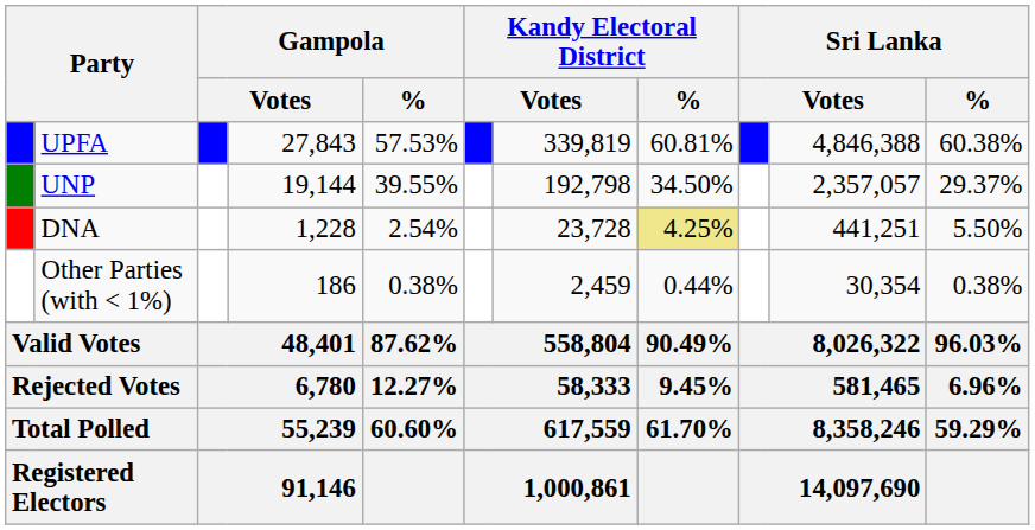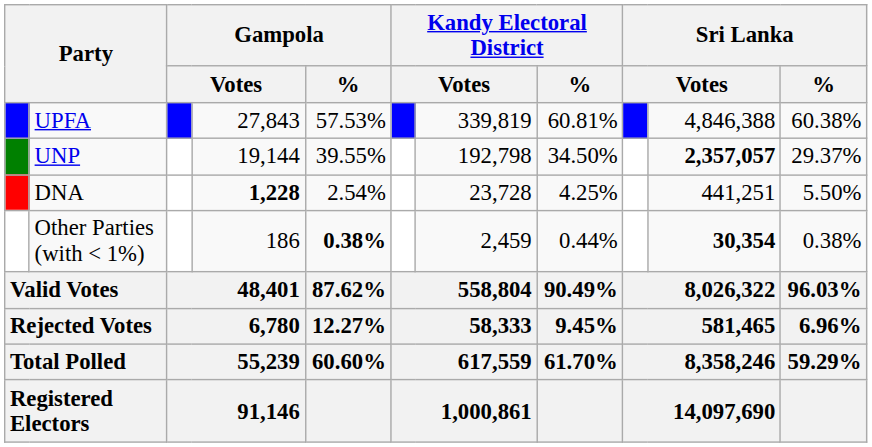 <table class="wikitable">
 <tr>
 <th colspan="2" width="144px"rowspan="2">Party</th>
 <th colspan="3" width="216px">Gampola</th>
 <th colspan="3" width="216px"><a href='#'>Kandy Electoral District</a></th>
 <th colspan="3" width="216px">Sri Lanka</th>
 </tr>
 <tr>
 <th colspan="2" width="144px">Votes</th>
 <th>%</th>
 <th colspan="2" width="144px">Votes</th>
 <th>%</th>
 <th colspan="2" width="144px">Votes</th>
 <th>%</th>
 </tr>
 <tr>
 <td style="background-color:blue;" width="10px"></td>
 <td style="text-align:left;"><a href='#'>UPFA</a></td>
 <td style="background-color:blue;" width="10px"></td>
 <td style="text-align:right;">27,843</td>
 <td style="text-align:right;">57.53%</td>
 <td style="background-color:blue;" width="10px"></td>
 <td style="text-align:right;">339,819</td>
 <td style="text-align:right;">60.81%</td>
 <td style="background-color:blue;" width="10px"></td>
 <td style="text-align:right;">4,846,388</td>
 <td style="text-align:right;">60.38%</td>
 </tr>
 <tr>
 <td style="background-color:green;" width="10px"></td>
 <td style="text-align:left;"><a href='#'>UNP</a></td>
 <td style="background-color:white;" width="10px"></td>
 <td style="text-align:right;">19,144</td>
 <td style="text-align:right;">39.55%</td>
 <td style="background-color:white;" width="10px"></td>
 <td style="text-align:right;">192,798</td>
 <td style="text-align:right;">34.50%</td>
 <td style="background-color:white;" width="10px"></td>
-<td style="text-align:right;">2,357,057</td>
+<td style="text-align:right;"><strong>2,357,057</strong></td>
 <td style="text-align:right;">29.37%</td>
 </tr>
 <tr>
 <td style="background-color:red;" width="10px"></td>
 <td style="text-align:left;">DNA</td>
 <td style="background-color:white;" width="10px"></td>
-<td style="text-align:right;">1,228</td>
+<td style="text-align:right;"><strong>1,228</strong></td>
 <td style="text-align:right;">2.54%</td>
 <td style="background-color:white;" width="10px"></td>
 <td style="text-align:right;">23,728</td>
-<td style="background: khaki; text-align:right;">4.25%</td>
+<td style="text-align:right;">4.25%</td>
 <td style="background-color:white;" width="10px"></td>
 <td style="text-align:right;">441,251</td>
 <td style="text-align:right;">5.50%</td>
 </tr>
 <tr>
 <td style="background-color:white;" width="10px"></td>
 <td style="text-align:left;">Other Parties (with < 1%)</td>
 <td style="background-color:white;" width="10px"></td>
 <td style="text-align:right;">186</td>
-<td style="text-align:right;">0.38%</td>
+<td style="text-align:right;"><strong>0.38%</strong></td>
 <td style="background-color:white;" width="10px"></td>
 <td style="text-align:right;">2,459</td>
 <td style="text-align:right;">0.44%</td>
 <td style="background-color:white;" width="10px"></td>
-<td style="text-align:right;">30,354</td>
+<td style="text-align:right;"><strong>30,354</strong></td>
 <td style="text-align:right;">0.38%</td>
 </tr>
 <tr>
 <th colspan="2" width="144px"style="text-align:left;">Valid Votes</th>
 <th style="text-align:right;"colspan="2" width="144px">48,401</th>
 <th style="text-align:right;">87.62%</th>
 <th style="text-align:right;"colspan="2" width="144px">558,804</th>
 <th style="text-align:right;">90.49%</th>
 <th style="text-align:right;"colspan="2" width="144px">8,026,322</th>
 <th style="text-align:right;">96.03%</th>
 </tr>
 <tr>
 <th colspan="2" width="144px"style="text-align:left;">Rejected Votes</th>
 <th style="text-align:right;"colspan="2" width="144px">6,780</th>
 <th style="text-align:right;">12.27%</th>
 <th style="text-align:right;"colspan="2" width="144px">58,333</th>
 <th style="text-align:right;">9.45%</th>
 <th style="text-align:right;"colspan="2" width="144px">581,465</th>
 <th style="text-align:right;">6.96%</th>
 </tr>
 <tr>
 <th colspan="2" width="144px"style="text-align:left;">Total Polled</th>
 <th style="text-align:right;"colspan="2" width="144px">55,239</th>
 <th style="text-align:right;">60.60%</th>
 <th style="text-align:right;"colspan="2" width="144px">617,559</th>
 <th style="text-align:right;">61.70%</th>
 <th style="text-align:right;"colspan="2" width="144px">8,358,246</th>
 <th style="text-align:right;">59.29%</th>
 </tr>
 <tr>
 <th colspan="2" width="144px"style="text-align:left;">Registered Electors</th>
 <th style="text-align:right;"colspan="2" width="144px">91,146</th>
 <th></th>
 <th style="text-align:right;"colspan="2" width="144px">1,000,861</th>
 <th></th>
 <th style="text-align:right;"colspan="2" width="144px">14,097,690</th>
 <th></th>
 </tr>
 </table>
